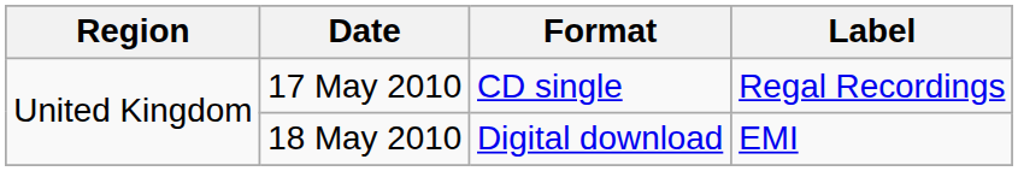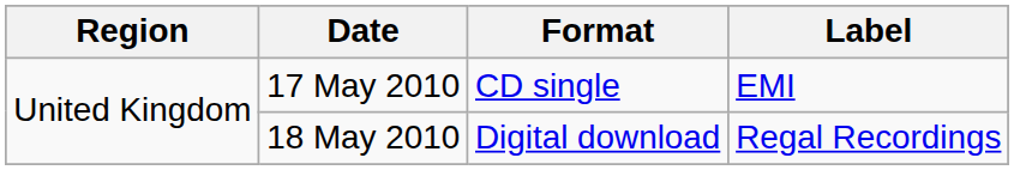 <table class="wikitable" border="1">
 <tr>
 <th>Region</th>
 <th>Date</th>
 <th>Format</th>
 <th>Label</th>
 </tr>
 <tr>
 <td rowspan="2">United Kingdom</td>
 <td>17 May 2010</td>
 <td><a href='#'>CD single</a></td>
-<td><a href='#'>Regal Recordings</a></td>
+<td><a href='#'>EMI</a></td>
 </tr>
 <tr>
 <td>18 May 2010</td>
 <td><a href='#'>Digital download</a></td>
-<td><a href='#'>EMI</a></td>
+<td><a href='#'>Regal Recordings</a></td>
 </tr>
 </table>
